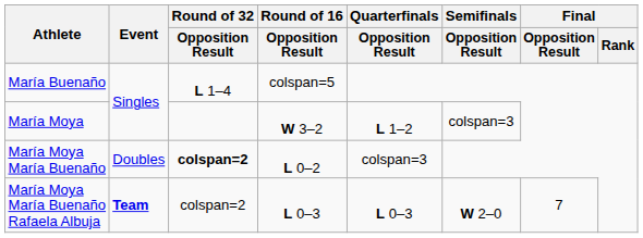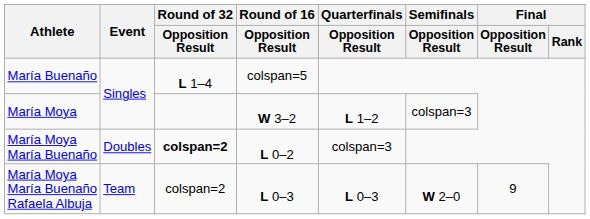 <table class=wikitable style=font-size:90%;text-align:center>
 <tr>
 <th rowspan=2>Athlete</th>
 <th rowspan=2>Event</th>
 <th>Round of 32</th>
 <th>Round of 16</th>
 <th>Quarterfinals</th>
 <th>Semifinals</th>
 <th colspan=2>Final</th>
 </tr>
 <tr style=font-size:95%>
 <th>Opposition<br>Result</th>
 <th>Opposition<br>Result</th>
 <th>Opposition<br>Result</th>
 <th>Opposition<br>Result</th>
 <th>Opposition<br>Result</th>
 <th>Rank</th>
 </tr>
 <tr align=center>
 <td align=left><a href='#'>María Buenaño</a></td>
 <td align=left rowspan=2><a href='#'>Singles</a></td>
 <td><br><strong>L</strong> 1–4</td>
 <td>colspan=5 </td>
 </tr>
 <tr align=center>
 <td align=left><a href='#'>María Moya</a></td>
 <td></td>
 <td><br><strong>W</strong> 3–2</td>
 <td><br><strong>L</strong> 1–2</td>
 <td>colspan=3 </td>
 </tr>
 <tr align=center>
 <td align=left><a href='#'>María Moya</a><br><a href='#'>María Buenaño</a></td>
 <td align=left><a href='#'>Doubles</a></td>
 <td><strong>colspan=2 </strong></td>
 <td><br><strong>L</strong> 0–2</td>
 <td>colspan=3 </td>
 </tr>
 <tr align=center>
 <td align=left><a href='#'>María Moya</a><br><a href='#'>María Buenaño</a><br><a href='#'>Rafaela Albuja</a></td>
-<td align=left><strong><a href='#'>Team</a></strong></td>
+<td align=left><a href='#'>Team</a></td>
 <td>colspan=2 </td>
 <td><br><strong>L</strong> 0–3</td>
 <td><br><strong>L</strong> 0–3</td>
 <td><br><strong>W</strong> 2–0</td>
-<td>7</td>
+<td>9</td>
 </tr>
 </table>
